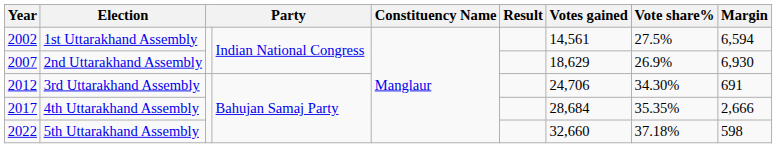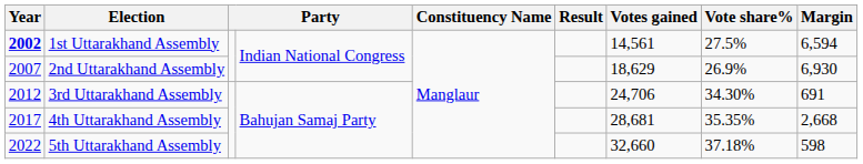 <table class="wikitable">
 <tr>
 <th>Year</th>
 <th>Election</th>
 <th colspan="2">Party</th>
 <th>Constituency Name</th>
 <th>Result</th>
 <th>Votes gained</th>
 <th>Vote share%</th>
 <th>Margin</th>
 </tr>
 <tr>
-<td><a href='#'>2002</a></td>
+<td><strong><a href='#'>2002</a></strong></td>
 <td><a href='#'>1st Uttarakhand Assembly</a></td>
 <td rowspan="2" style="background-color: "></td>
 <td rowspan="2"><a href='#'>Indian National Congress</a> </td>
 <td rowspan="5"><a href='#'>Manglaur</a></td>
 <td></td>
 <td>14,561</td>
 <td>27.5%</td>
 <td>6,594</td>
 </tr>
 <tr>
 <td><a href='#'>2007</a></td>
 <td><a href='#'>2nd Uttarakhand Assembly</a></td>
 <td></td>
 <td>18,629</td>
 <td>26.9%</td>
 <td>6,930</td>
 </tr>
 <tr>
 <td><a href='#'>2012</a></td>
 <td><a href='#'>3rd Uttarakhand Assembly</a></td>
 <td rowspan="3" style="background-color: "></td>
 <td rowspan="3"><a href='#'>Bahujan Samaj Party</a> </td>
 <td></td>
 <td>24,706</td>
 <td>34.30%</td>
 <td>691</td>
 </tr>
 <tr>
 <td><a href='#'>2017</a></td>
 <td><a href='#'>4th Uttarakhand Assembly</a></td>
 <td></td>
-<td>28,684</td>
+<td>28,681</td>
 <td>35.35%</td>
-<td>2,666</td>
+<td>2,668</td>
 </tr>
 <tr>
 <td><a href='#'>2022</a></td>
 <td><a href='#'>5th Uttarakhand Assembly</a></td>
 <td></td>
 <td>32,660</td>
 <td>37.18%</td>
 <td>598</td>
 </tr>
 </table>
